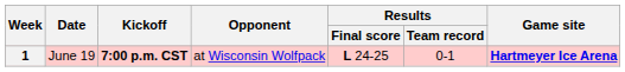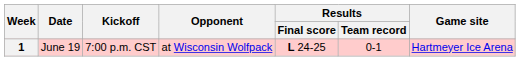 <table class="wikitable" align="center" style="font-size: 92%">
 <tr>
 <th rowspan="2">Week</th>
 <th rowspan="2">Date</th>
 <th rowspan="2">Kickoff</th>
 <th rowspan="2">Opponent</th>
 <th colspan="2">Results</th>
 <th rowspan="2">Game site</th>
 </tr>
 <tr>
 <th>Final score</th>
 <th>Team record</th>
 </tr>
 <tr style="background:#fcc; text-align:center;">
 <th>1</th>
 <td style="text-align:center;">June 19</td>
-<td style="text-align:center;"><strong>7:00 p.m. CST</strong></td>
+<td style="text-align:center;">7:00 p.m. CST</td>
 <td style="text-align:center;">at <a href='#'>Wisconsin Wolfpack</a></td>
 <td style="text-align:center;"><strong>L</strong> 24-25</td>
 <td style="text-align:center;">0-1</td>
-<td style="text-align:center;"><strong><a href='#'>Hartmeyer Ice Arena</a></strong></td>
+<td style="text-align:center;"><a href='#'>Hartmeyer Ice Arena</a></td>
 </tr>
 </table>
